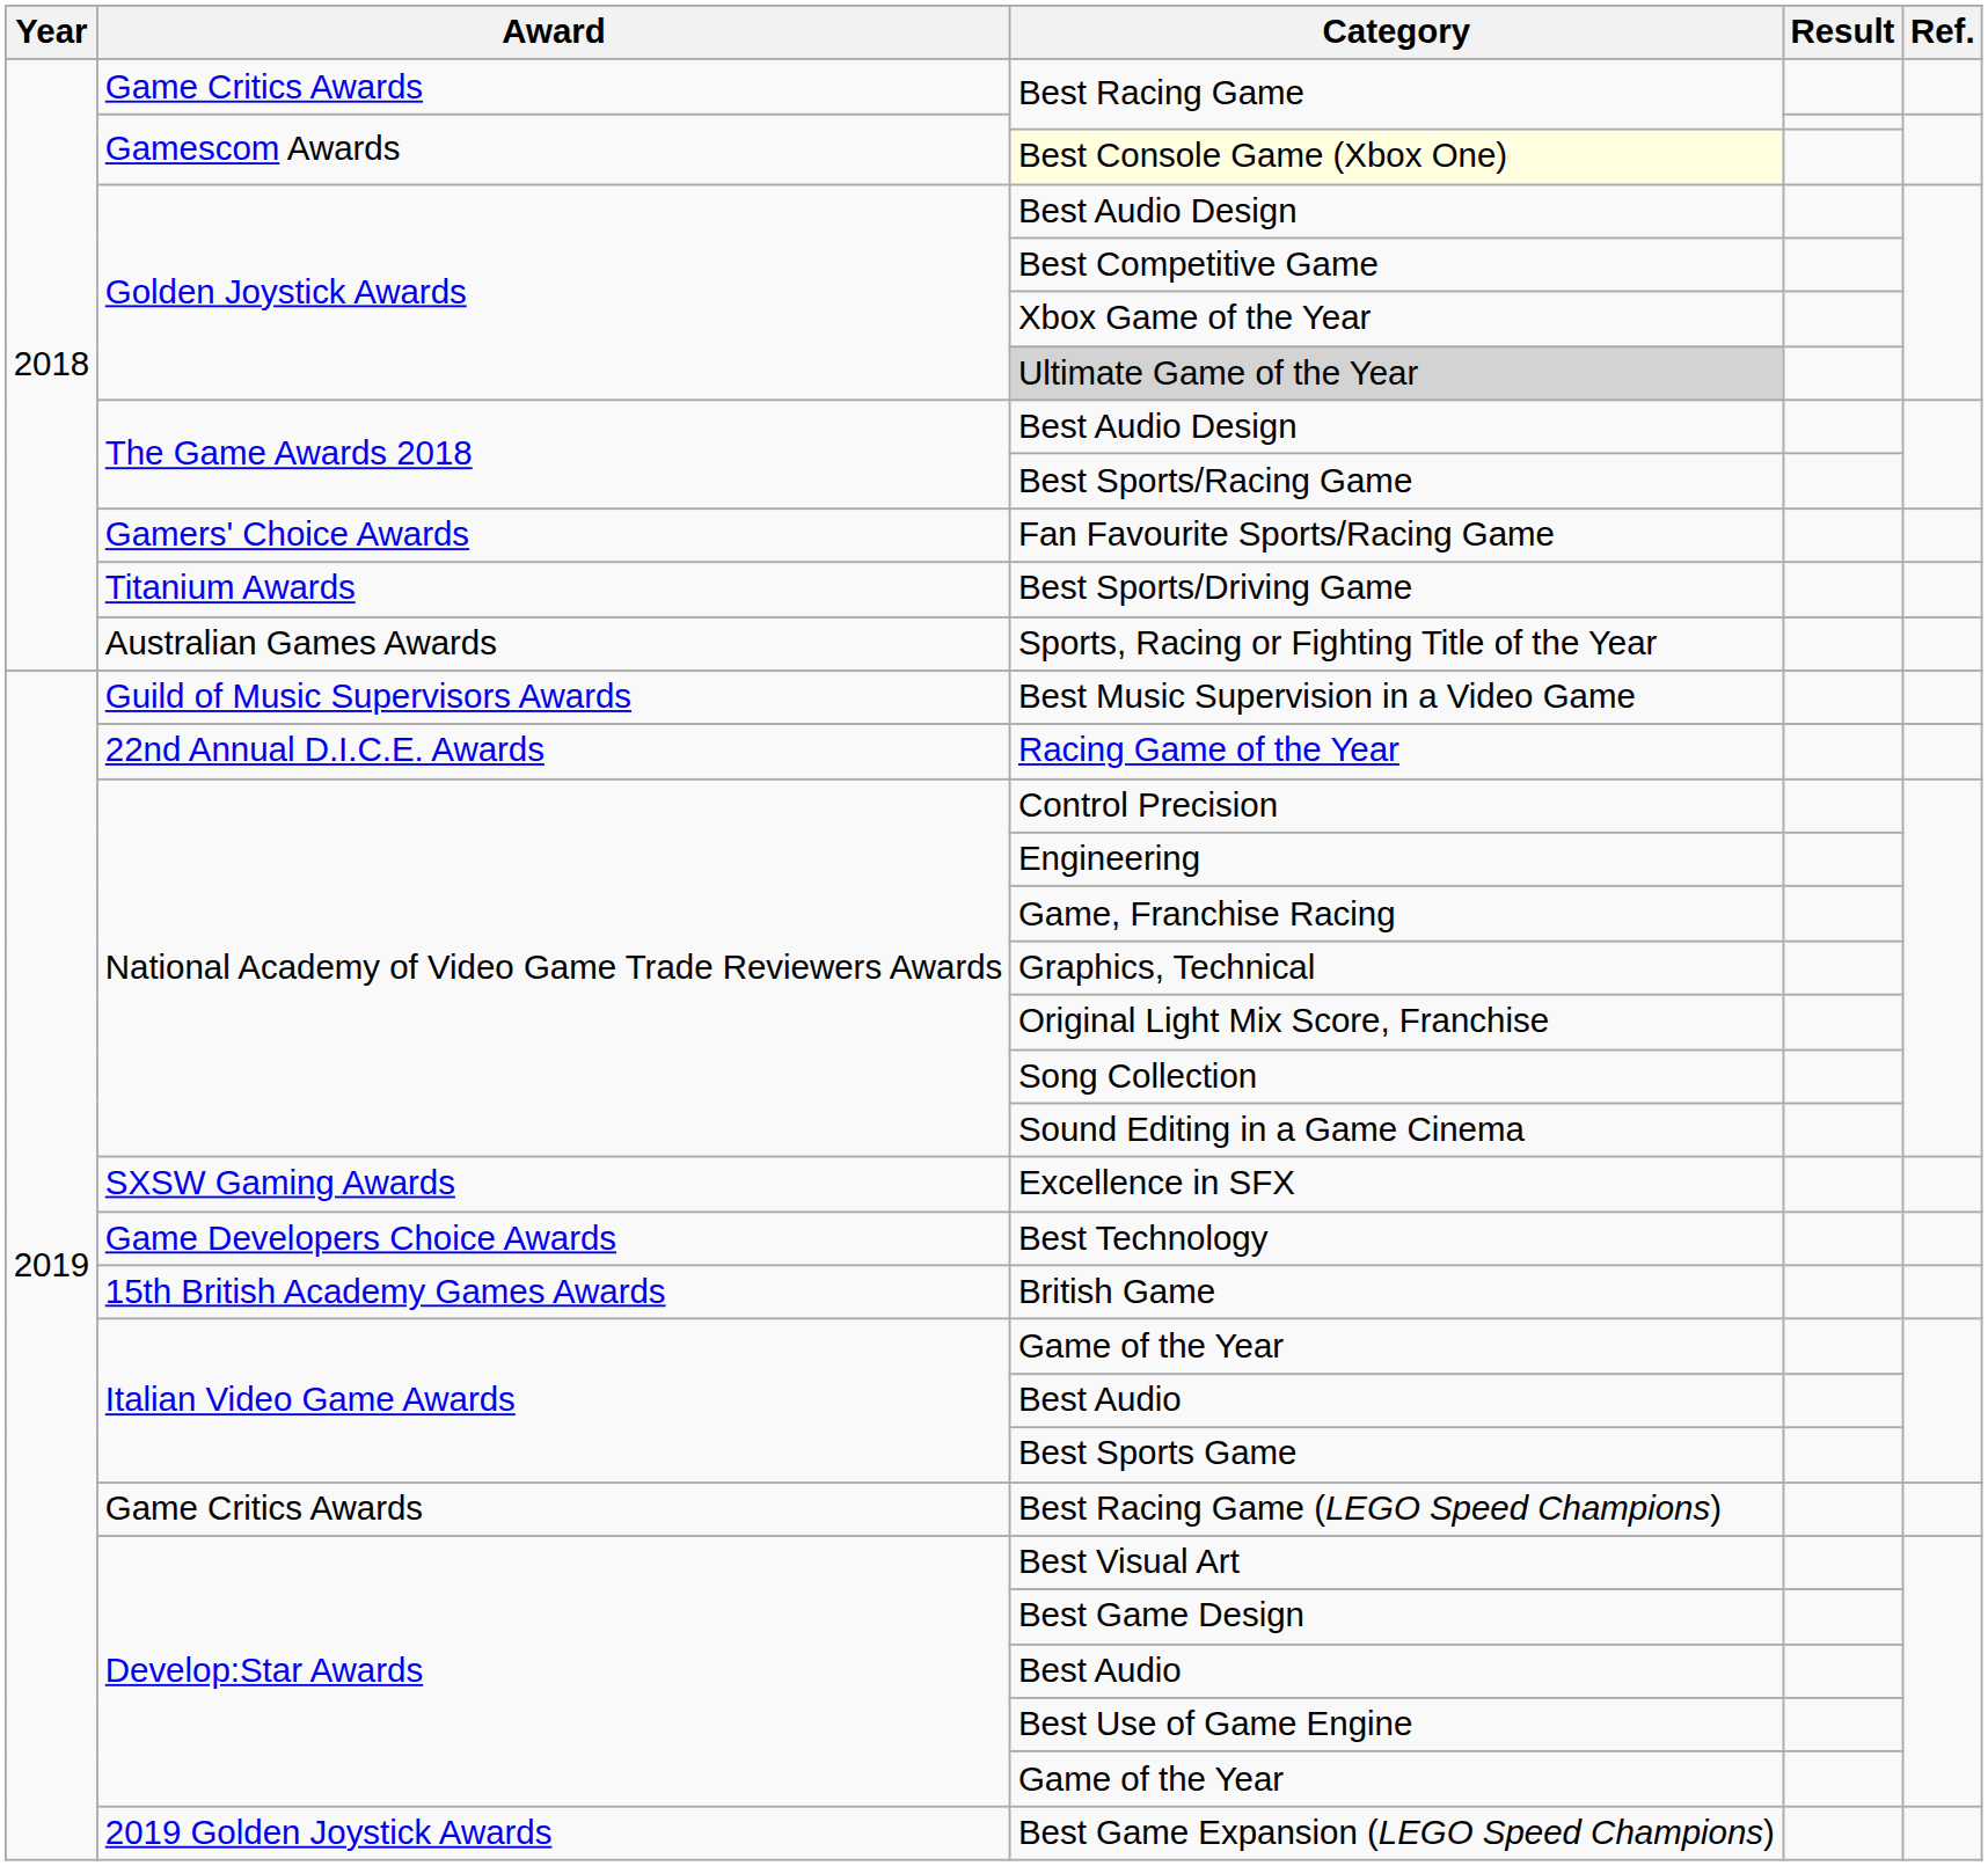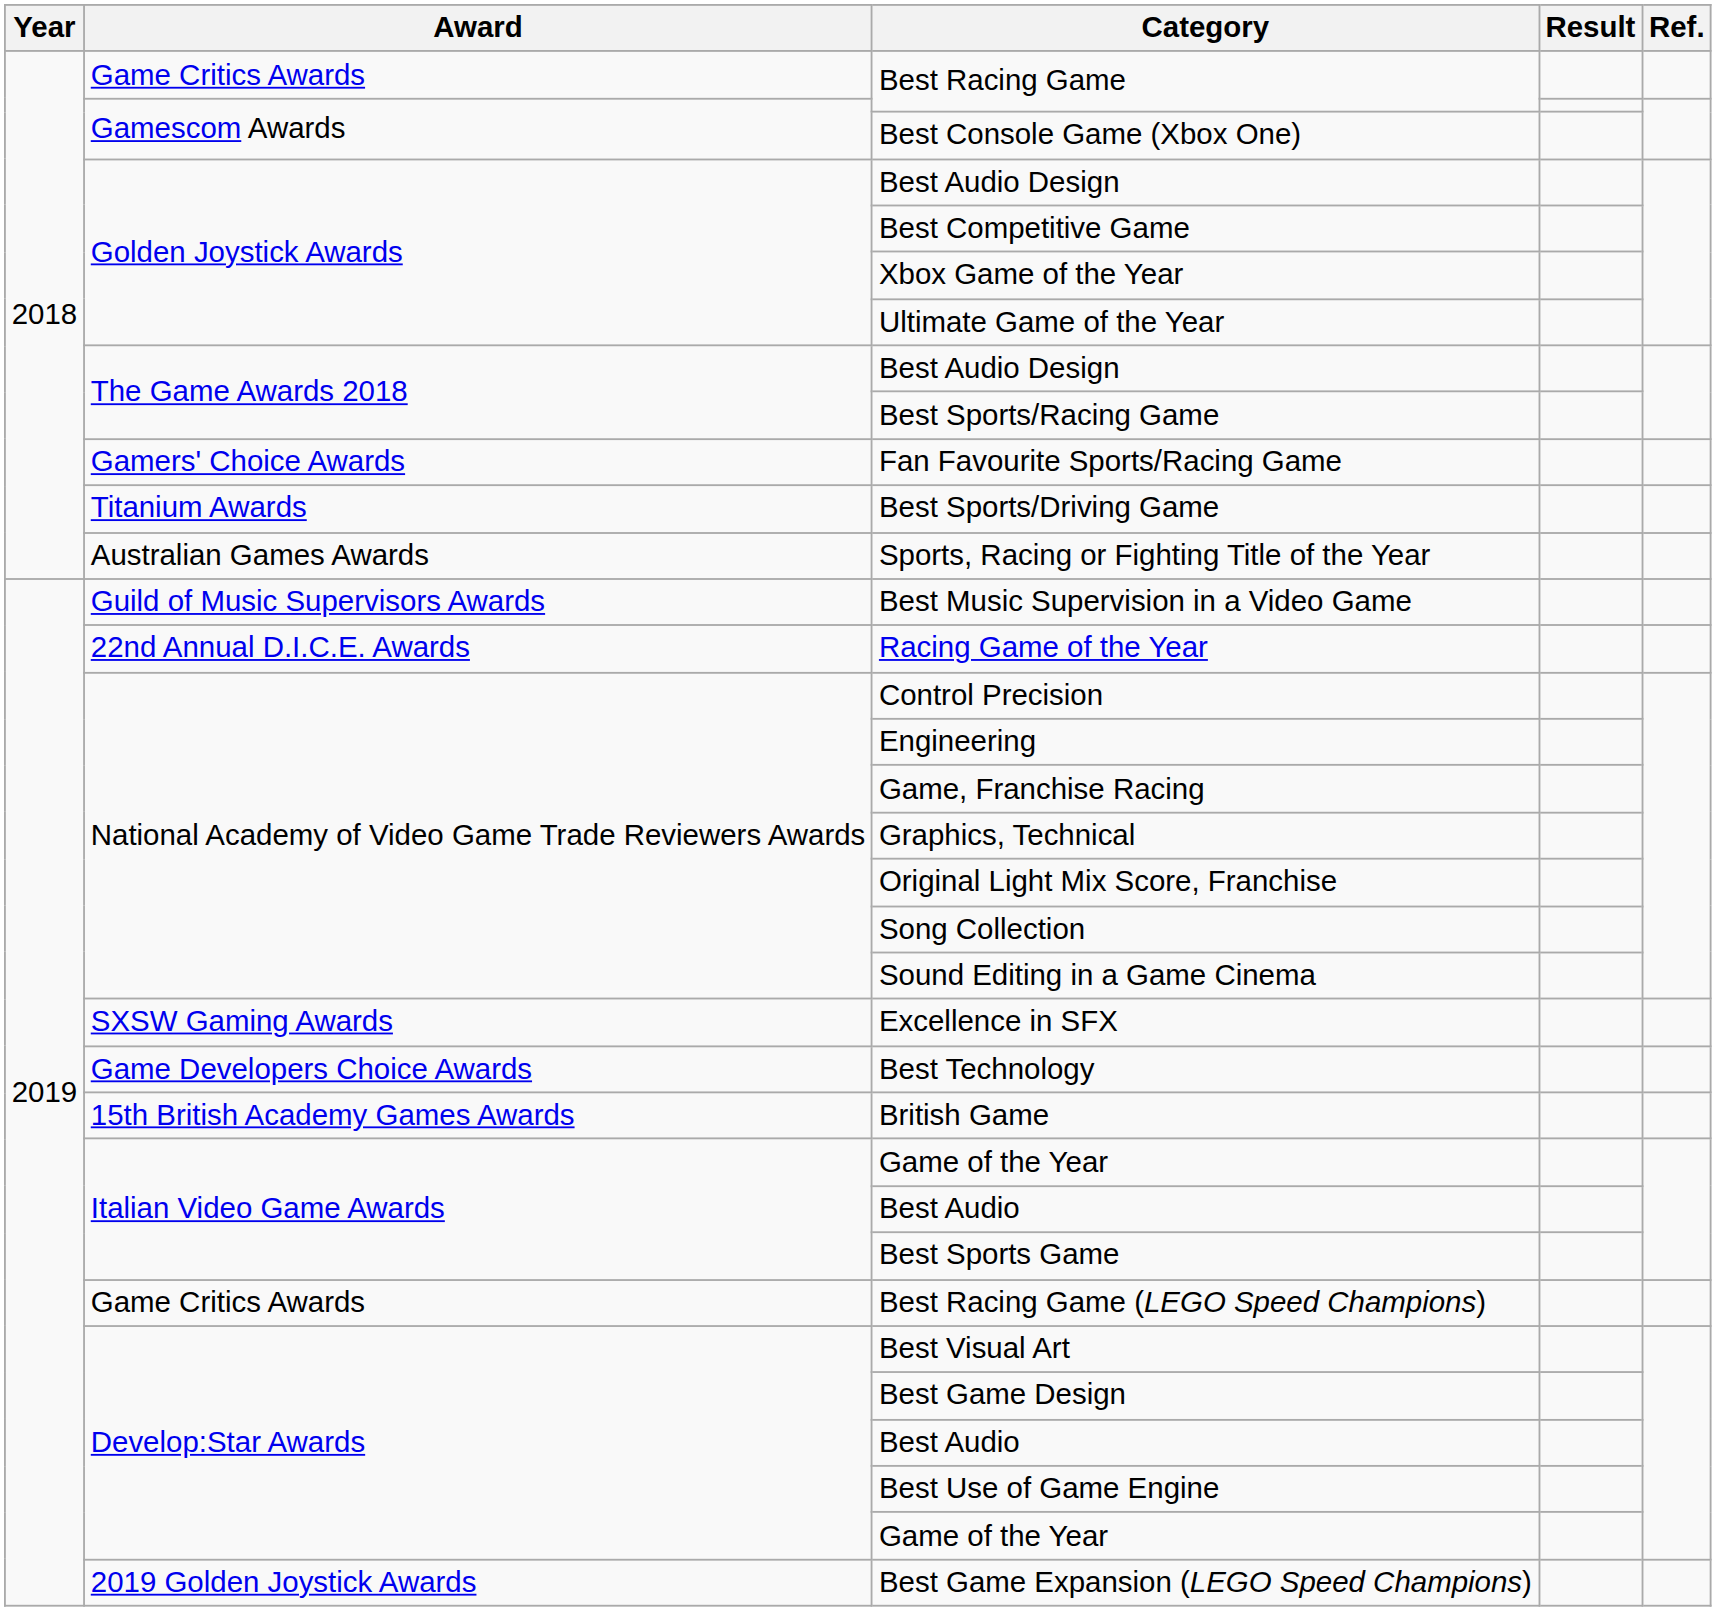 <table class="wikitable sortable">
 <tr>
 <th>Year</th>
 <th>Award</th>
 <th>Category</th>
 <th>Result</th>
 <th>Ref.</th>
 </tr>
 <tr>
 <td style="text-align:center;" rowspan="12">2018</td>
 <td rowspan="1"><a href='#'>Game Critics Awards</a></td>
 <td rowspan="2">Best Racing Game</td>
 <td></td>
 <td rowspan="1" style="text-align:center;"></td>
 </tr>
 <tr>
 <td rowspan="2"><a href='#'>Gamescom</a> Awards</td>
 <td></td>
 <td rowspan="2" style="text-align:center;"></td>
 </tr>
 <tr>
-<td style="background: lightyellow;">Best Console Game (Xbox One)</td>
+<td>Best Console Game (Xbox One)</td>
 <td></td>
 </tr>
 <tr>
 <td rowspan="4"><a href='#'>Golden Joystick Awards</a></td>
 <td>Best Audio Design</td>
 <td></td>
 <td rowspan="4" style="text-align:center;"></td>
 </tr>
 <tr>
 <td>Best Competitive Game</td>
 <td></td>
 </tr>
 <tr>
 <td>Xbox Game of the Year</td>
 <td></td>
 </tr>
 <tr>
-<td style="background: lightgrey;">Ultimate Game of the Year</td>
+<td>Ultimate Game of the Year</td>
 <td></td>
 </tr>
 <tr>
 <td rowspan="2"><a href='#'>The Game Awards 2018</a></td>
 <td>Best Audio Design</td>
 <td></td>
 <td rowspan="2" style="text-align:center;"></td>
 </tr>
 <tr>
 <td>Best Sports/Racing Game</td>
 <td></td>
 </tr>
 <tr>
 <td rowspan="1"><a href='#'>Gamers' Choice Awards</a></td>
 <td>Fan Favourite Sports/Racing Game</td>
 <td></td>
 <td rowspan="1" style="text-align:center;"></td>
 </tr>
 <tr>
 <td rowspan="1"><a href='#'>Titanium Awards</a></td>
 <td>Best Sports/Driving Game</td>
 <td></td>
 <td rowspan="1" style="text-align:center;"></td>
 </tr>
 <tr>
 <td rowspan="1">Australian Games Awards</td>
 <td>Sports, Racing or Fighting Title of the Year</td>
 <td></td>
 <td rowspan="1" style="text-align:center;"></td>
 </tr>
 <tr>
 <td style="text-align:center;" rowspan="22">2019</td>
 <td rowspan="1"><a href='#'>Guild of Music Supervisors Awards</a></td>
 <td>Best Music Supervision in a Video Game</td>
 <td></td>
 <td rowspan="1" style="text-align:center;"></td>
 </tr>
 <tr>
 <td rowspan="1"><a href='#'>22nd Annual D.I.C.E. Awards</a></td>
 <td><a href='#'>Racing Game of the Year</a></td>
 <td></td>
 <td rowspan="1" style="text-align:center;"></td>
 </tr>
 <tr>
 <td rowspan="7">National Academy of Video Game Trade Reviewers Awards</td>
 <td>Control Precision</td>
 <td></td>
 <td rowspan="7" style="text-align:center;"></td>
 </tr>
 <tr>
 <td>Engineering</td>
 <td></td>
 </tr>
 <tr>
 <td>Game, Franchise Racing</td>
 <td></td>
 </tr>
 <tr>
 <td>Graphics, Technical</td>
 <td></td>
 </tr>
 <tr>
 <td>Original Light Mix Score, Franchise</td>
 <td></td>
 </tr>
 <tr>
 <td>Song Collection</td>
 <td></td>
 </tr>
 <tr>
 <td>Sound Editing in a Game Cinema</td>
 <td></td>
 </tr>
 <tr>
 <td rowspan="1"><a href='#'>SXSW Gaming Awards</a></td>
 <td>Excellence in SFX</td>
 <td></td>
 <td rowspan="1" style="text-align:center;"></td>
 </tr>
 <tr>
 <td rowspan="1"><a href='#'>Game Developers Choice Awards</a></td>
 <td>Best Technology</td>
 <td></td>
 <td rowspan="1" style="text-align:center;"></td>
 </tr>
 <tr>
 <td rowspan="1"><a href='#'>15th British Academy Games Awards</a></td>
 <td>British Game</td>
 <td></td>
 <td rowspan="1" style="text-align:center;"></td>
 </tr>
 <tr>
 <td rowspan="3"><a href='#'>Italian Video Game Awards</a></td>
 <td>Game of the Year</td>
 <td></td>
 <td rowspan="3" style="text-align:center;"></td>
 </tr>
 <tr>
 <td>Best Audio</td>
 <td></td>
 </tr>
 <tr>
 <td>Best Sports Game</td>
 <td></td>
 </tr>
 <tr>
 <td rowspan="1">Game Critics Awards</td>
 <td>Best Racing Game (<em>LEGO Speed Champions</em>)</td>
 <td></td>
 <td rowspan="1" style="text-align:center;"></td>
 </tr>
 <tr>
 <td rowspan="5"><a href='#'>Develop:Star Awards</a></td>
 <td>Best Visual Art</td>
 <td></td>
 <td rowspan="5" style="text-align:center;"></td>
 </tr>
 <tr>
 <td>Best Game Design</td>
 <td></td>
 </tr>
 <tr>
 <td>Best Audio</td>
 <td></td>
 </tr>
 <tr>
 <td>Best Use of Game Engine</td>
 <td></td>
 </tr>
 <tr>
 <td>Game of the Year</td>
 <td></td>
 </tr>
 <tr>
 <td rowspan="1"><a href='#'>2019 Golden Joystick Awards</a></td>
 <td>Best Game Expansion (<em>LEGO Speed Champions</em>)</td>
 <td></td>
 <td rowspan="1" style="text-align:center;"></td>
 </tr>
 </table>
